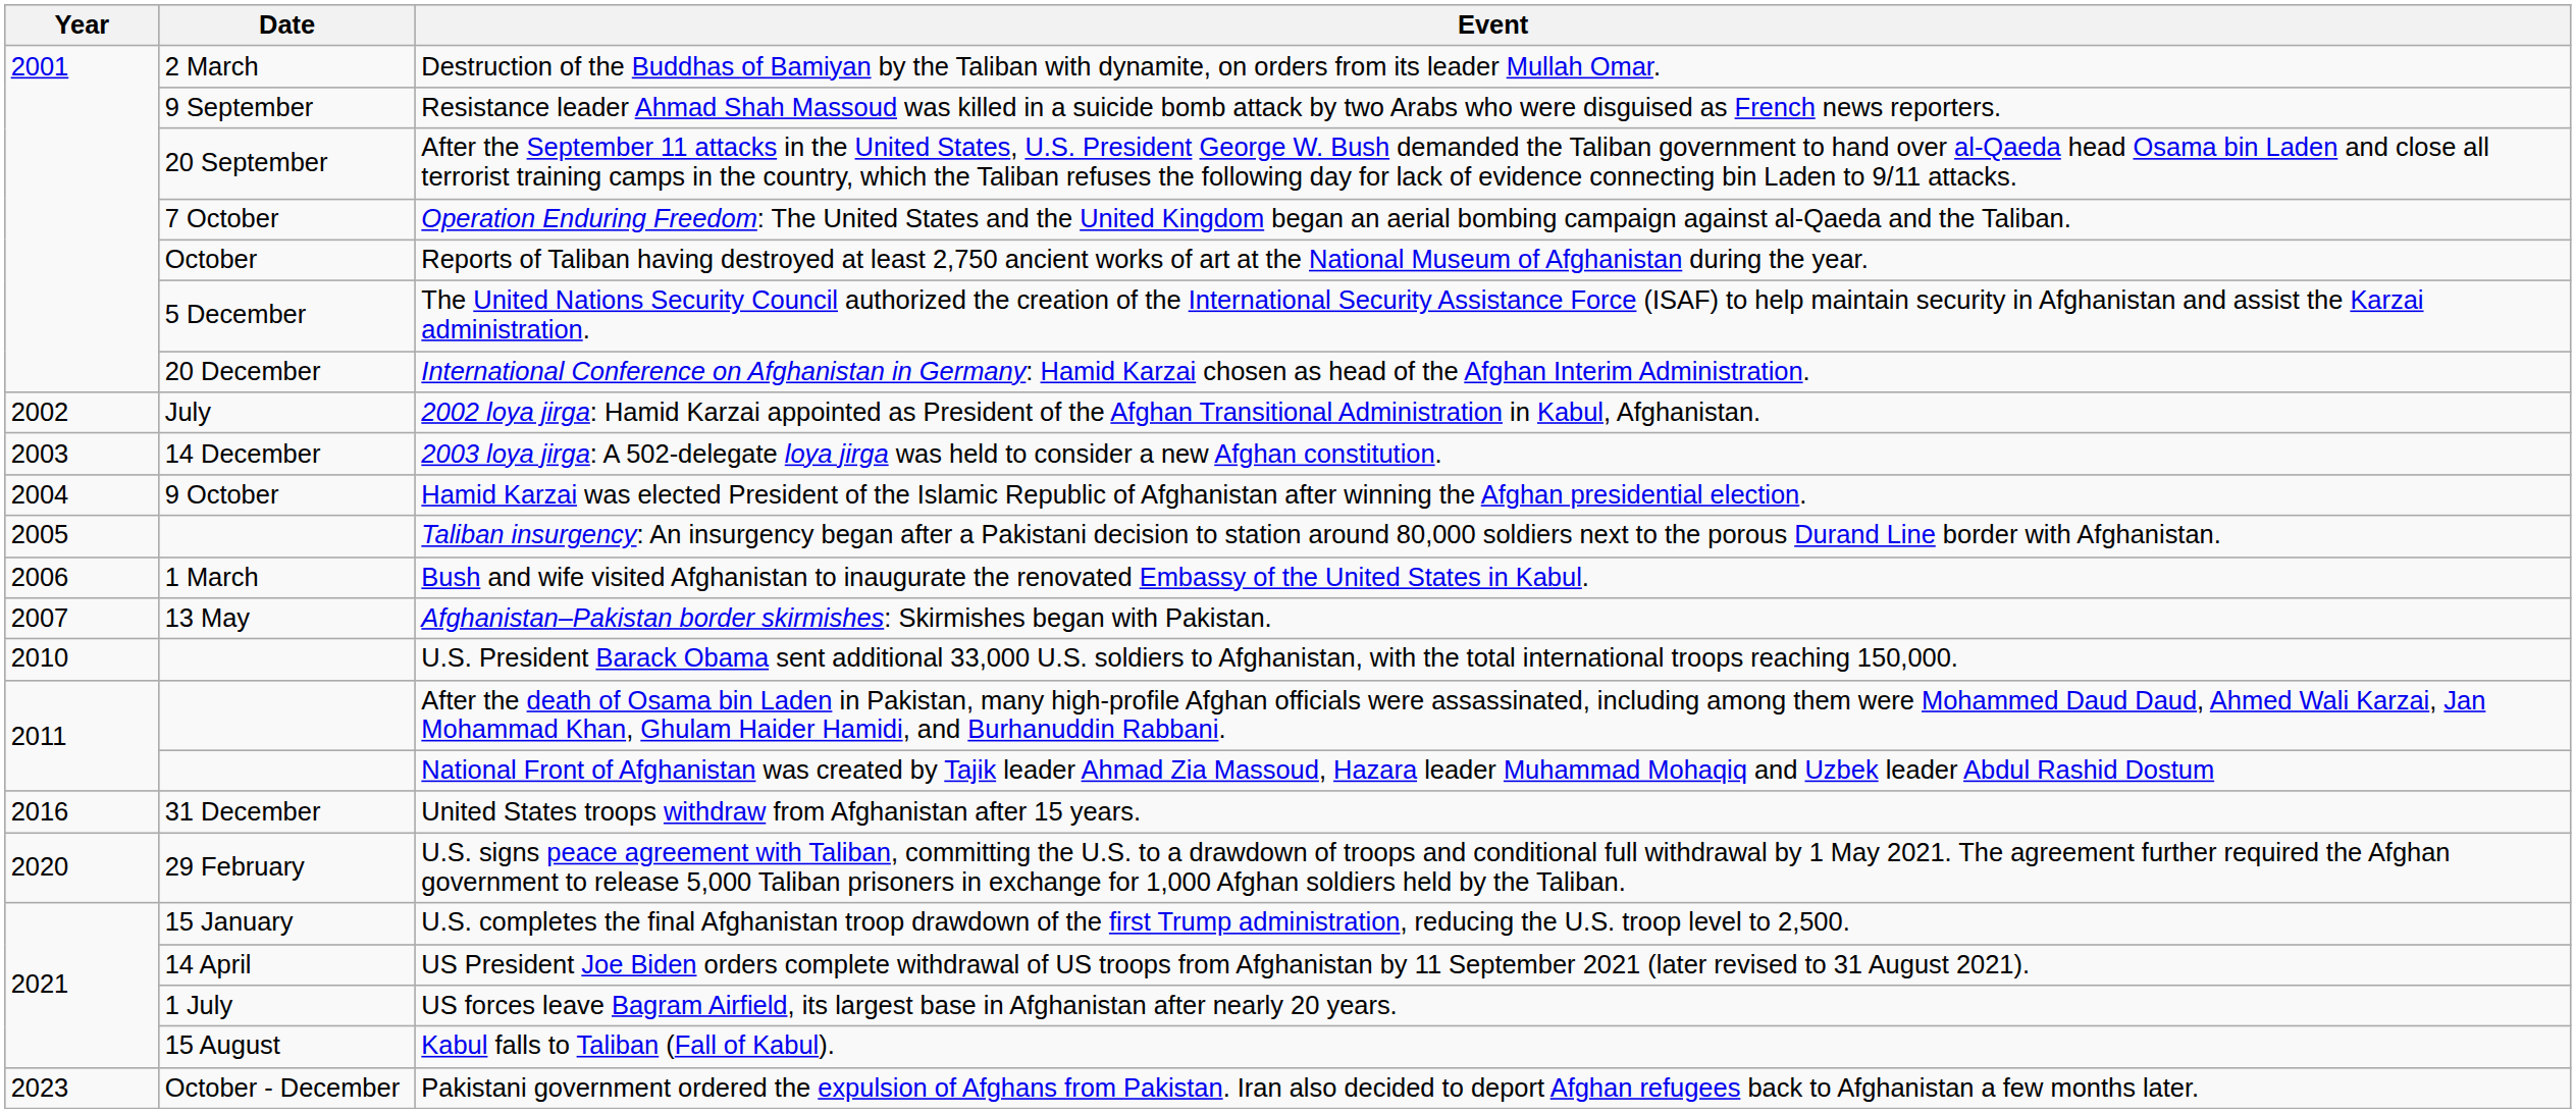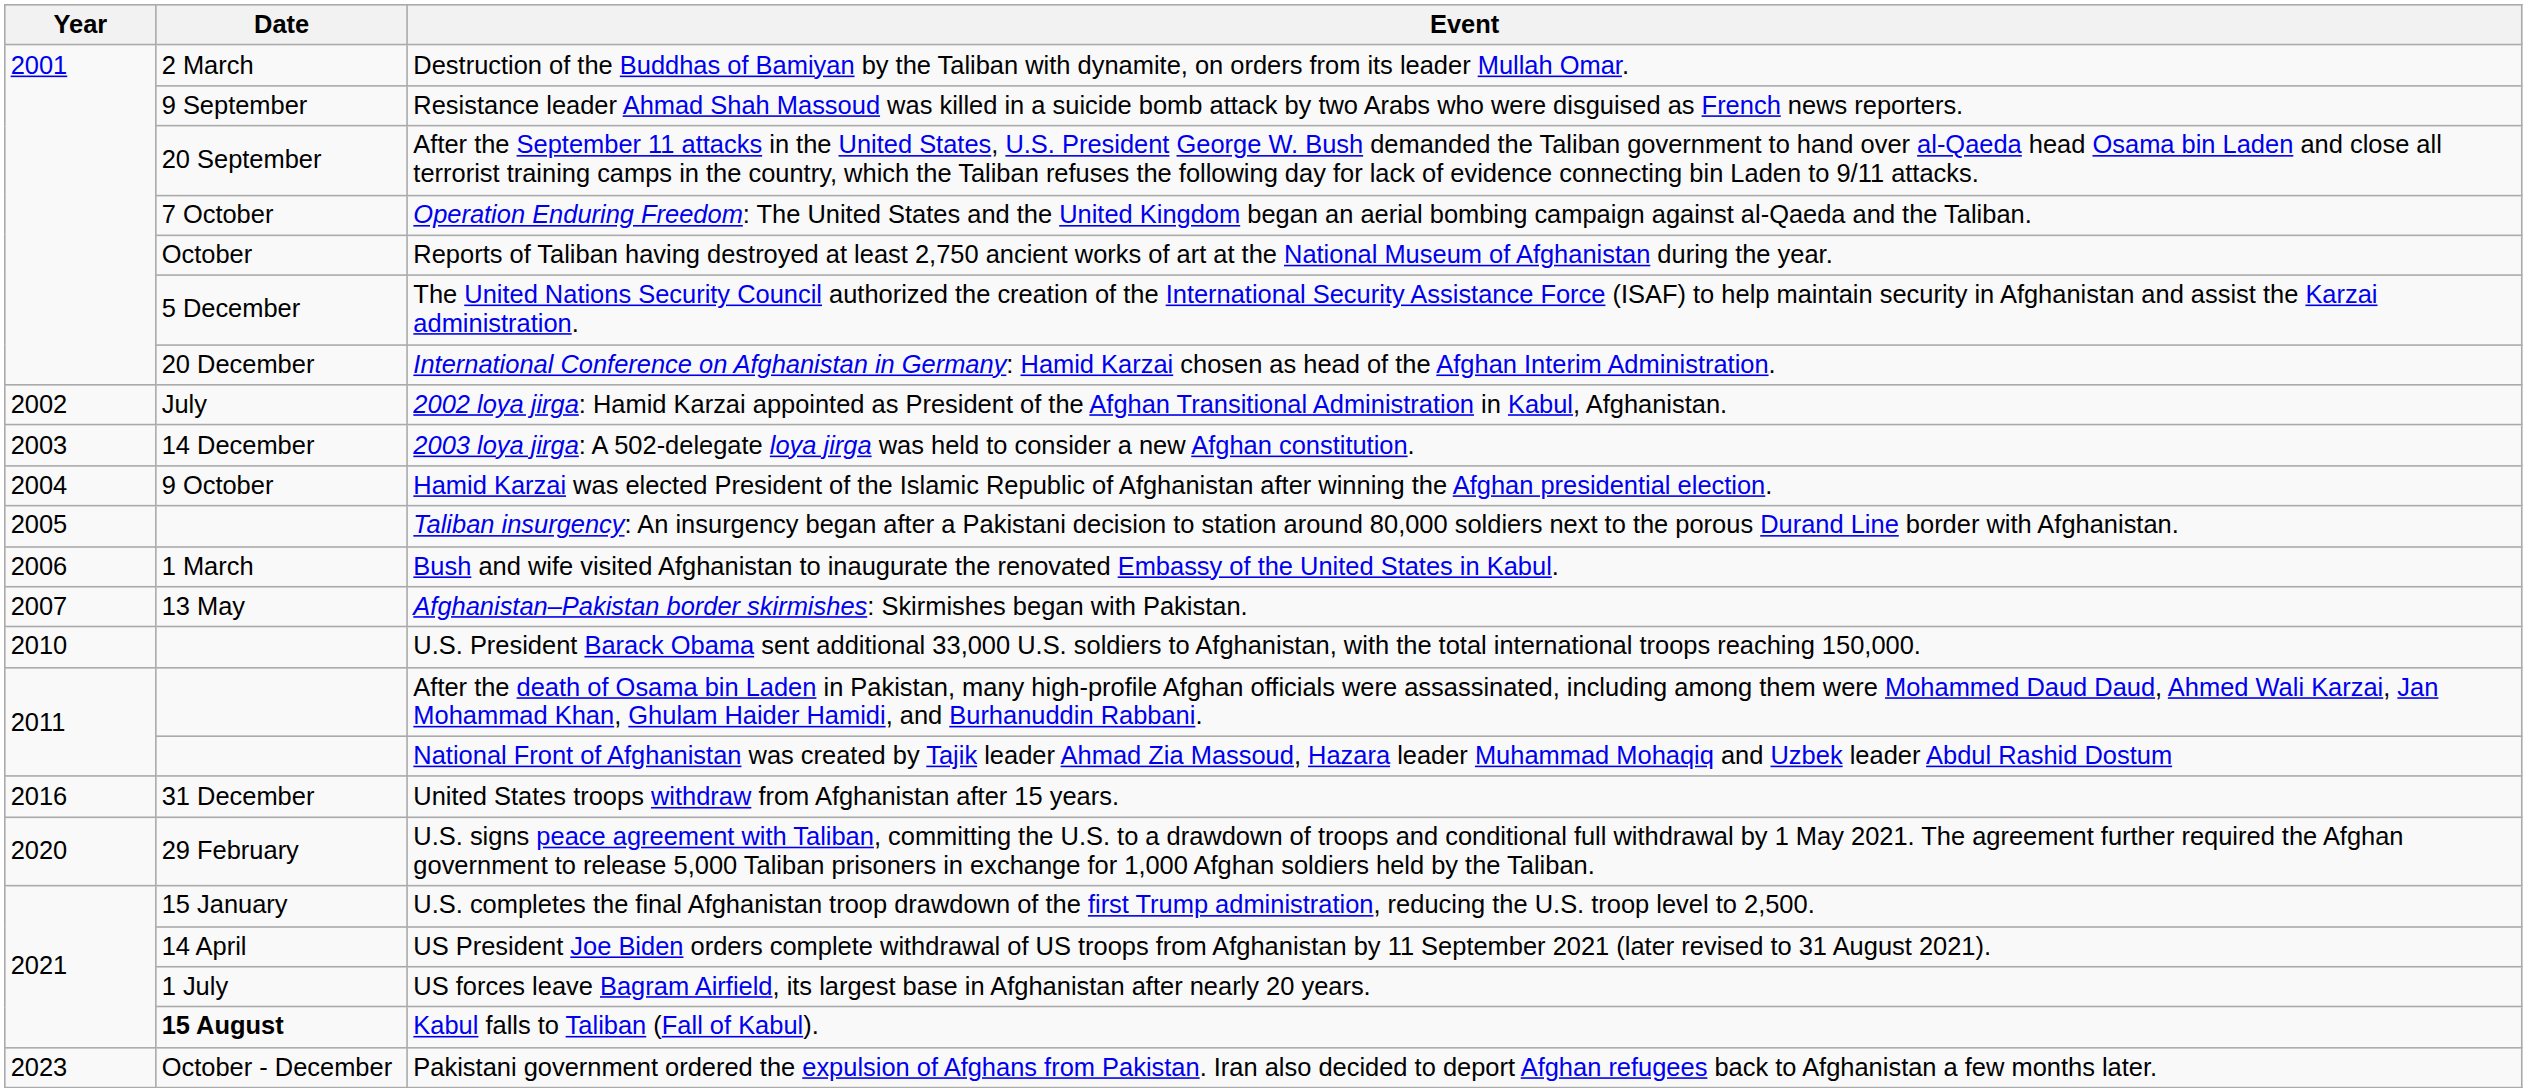 <table class="wikitable" width="100%">
 <tr>
 <th style="width:6%">Year</th>
 <th style="width:10%">Date</th>
 <th>Event</th>
 </tr>
 <tr>
 <td rowspan="7" valign="top"><a href='#'>2001</a></td>
 <td>2 March</td>
 <td>Destruction of the <a href='#'>Buddhas of Bamiyan</a> by the Taliban with dynamite, on orders from its leader <a href='#'>Mullah Omar</a>.</td>
 </tr>
 <tr>
 <td>9 September</td>
 <td>Resistance leader <a href='#'>Ahmad Shah Massoud</a> was killed in a suicide bomb attack by two Arabs who were disguised as <a href='#'>French</a> news reporters.</td>
 </tr>
 <tr>
 <td>20 September</td>
 <td>After the <a href='#'>September 11 attacks</a> in the <a href='#'>United States</a>, <a href='#'>U.S. President</a> <a href='#'>George W. Bush</a> demanded the Taliban government to hand over <a href='#'>al-Qaeda</a> head <a href='#'>Osama bin Laden</a> and close all terrorist training camps in the country, which the Taliban refuses the following day for lack of evidence connecting bin Laden to 9/11 attacks.</td>
 </tr>
 <tr>
 <td>7 October</td>
 <td><em><a href='#'>Operation Enduring Freedom</a></em>: The United States and the <a href='#'>United Kingdom</a> began an aerial bombing campaign against al-Qaeda and the Taliban.</td>
 </tr>
 <tr>
 <td>October</td>
 <td>Reports of Taliban having destroyed at least 2,750 ancient works of art at the <a href='#'>National Museum of Afghanistan</a> during the year.</td>
 </tr>
 <tr>
 <td>5 December</td>
 <td>The <a href='#'>United Nations Security Council</a> authorized the creation of the <a href='#'>International Security Assistance Force</a> (ISAF) to help maintain security in Afghanistan and assist the <a href='#'>Karzai administration</a>.</td>
 </tr>
 <tr>
 <td>20 December</td>
 <td><em><a href='#'>International Conference on Afghanistan in Germany</a></em>: <a href='#'>Hamid Karzai</a> chosen as head of the <a href='#'>Afghan Interim Administration</a>.</td>
 </tr>
 <tr>
 <td>2002</td>
 <td>July</td>
 <td><em><a href='#'>2002 loya jirga</a></em>: Hamid Karzai appointed as President of the <a href='#'>Afghan Transitional Administration</a> in <a href='#'>Kabul</a>, Afghanistan.</td>
 </tr>
 <tr>
 <td>2003</td>
 <td>14 December</td>
 <td><em><a href='#'>2003 loya jirga</a></em>: A 502-delegate <em><a href='#'>loya jirga</a></em> was held to consider a new <a href='#'>Afghan constitution</a>.</td>
 </tr>
 <tr>
 <td>2004</td>
 <td>9 October</td>
 <td><a href='#'>Hamid Karzai</a> was elected President of the Islamic Republic of Afghanistan after winning the <a href='#'>Afghan presidential election</a>.</td>
 </tr>
 <tr>
 <td>2005</td>
 <td></td>
 <td><em><a href='#'>Taliban insurgency</a></em>: An insurgency began after a Pakistani decision to station around 80,000 soldiers next to the porous <a href='#'>Durand Line</a> border with Afghanistan.</td>
 </tr>
 <tr>
 <td>2006</td>
 <td>1 March</td>
 <td><a href='#'>Bush</a> and wife visited Afghanistan to inaugurate the renovated <a href='#'>Embassy of the United States in Kabul</a>.</td>
 </tr>
 <tr>
 <td>2007</td>
 <td>13 May</td>
 <td><em><a href='#'>Afghanistan–Pakistan border skirmishes</a></em>: Skirmishes began with Pakistan.</td>
 </tr>
 <tr>
 <td>2010</td>
 <td></td>
 <td>U.S. President <a href='#'>Barack Obama</a> sent additional 33,000 U.S. soldiers to Afghanistan, with the total international troops reaching 150,000.</td>
 </tr>
 <tr>
 <td rowspan="2">2011</td>
 <td></td>
 <td>After the <a href='#'>death of Osama bin Laden</a> in Pakistan, many high-profile Afghan officials were assassinated, including among them were <a href='#'>Mohammed Daud Daud</a>, <a href='#'>Ahmed Wali Karzai</a>, <a href='#'>Jan Mohammad Khan</a>, <a href='#'>Ghulam Haider Hamidi</a>, and <a href='#'>Burhanuddin Rabbani</a>.</td>
 </tr>
 <tr>
 <td></td>
 <td><a href='#'>National Front of Afghanistan</a> was created by <a href='#'>Tajik</a> leader <a href='#'>Ahmad Zia Massoud</a>, <a href='#'>Hazara</a> leader <a href='#'>Muhammad Mohaqiq</a> and <a href='#'>Uzbek</a> leader <a href='#'>Abdul Rashid Dostum</a></td>
 </tr>
 <tr>
 <td>2016</td>
 <td>31 December</td>
 <td>United States troops <a href='#'>withdraw</a> from Afghanistan after 15 years.</td>
 </tr>
 <tr>
 <td>2020</td>
 <td>29 February</td>
 <td>U.S. signs <a href='#'>peace agreement with Taliban</a>, committing the U.S. to a drawdown of troops and conditional full withdrawal by 1 May 2021. The agreement further required the Afghan government to release 5,000 Taliban prisoners in exchange for 1,000 Afghan soldiers held by the Taliban.</td>
 </tr>
 <tr>
 <td rowspan="4">2021</td>
 <td>15 January</td>
 <td>U.S. completes the final Afghanistan troop drawdown of the <a href='#'>first Trump administration</a>, reducing the U.S. troop level to 2,500.</td>
 </tr>
 <tr>
 <td>14 April</td>
 <td>US President <a href='#'>Joe Biden</a> orders complete withdrawal of US troops from Afghanistan by 11 September 2021 (later revised to 31 August 2021).</td>
 </tr>
 <tr>
 <td>1 July</td>
 <td>US forces leave <a href='#'>Bagram Airfield</a>, its largest base in Afghanistan after nearly 20 years.</td>
 </tr>
 <tr>
-<td>15 August</td>
+<td><strong>15 August</strong></td>
 <td><a href='#'>Kabul</a> falls to <a href='#'>Taliban</a> (<a href='#'>Fall of Kabul</a>).</td>
 </tr>
 <tr>
 <td>2023</td>
 <td>October - December</td>
 <td>Pakistani government ordered the <a href='#'>expulsion of Afghans from Pakistan</a>. Iran also decided to deport <a href='#'>Afghan refugees</a> back to Afghanistan a few months later.</td>
 </tr>
 </table>
